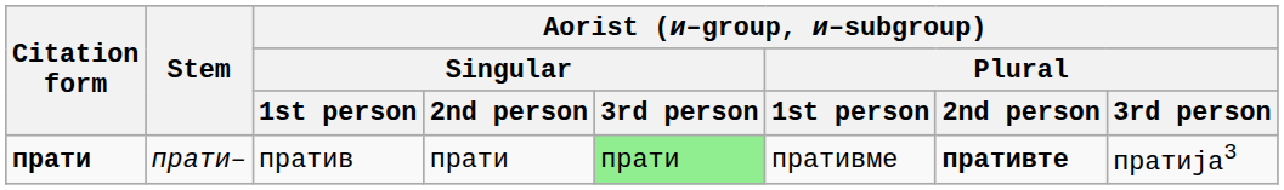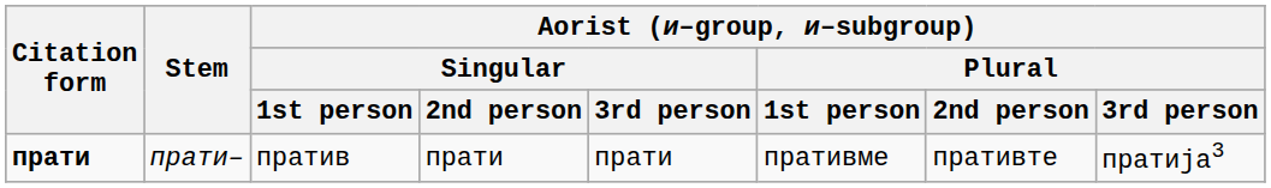 <table class="wikitable">
 <tr>
 <th rowspan="3">Citation<br>form</th>
 <th rowspan="3">Stem</th>
 <th colspan="6">Aorist (<em>и</em>–group, <em>и</em>–subgroup)</th>
 </tr>
 <tr>
 <th colspan="3">Singular</th>
 <th colspan="3">Plural</th>
 </tr>
 <tr>
 <th>1st person</th>
 <th>2nd person</th>
 <th>3rd person</th>
 <th>1st person</th>
 <th>2nd person</th>
 <th>3rd person</th>
 </tr>
 <tr>
 <td><strong>прати</strong></td>
 <td><em>прати–</em></td>
 <td>прати<span>в</span></td>
 <td>прати</td>
-<td style="background: lightgreen;">прати</td>
+<td>прати</td>
 <td>прати<span>вме</span></td>
-<td><strong>прати<span>вте</span></strong></td>
+<td>прати<span>вте</span></td>
 <td>прати<span>ја</span><sup>3</sup></td>
 </tr>
 </table>
